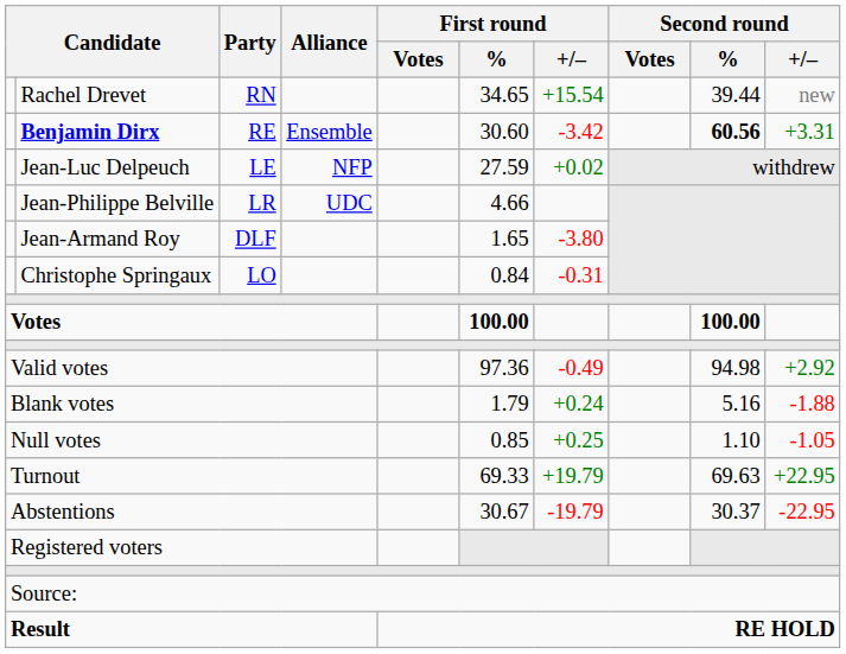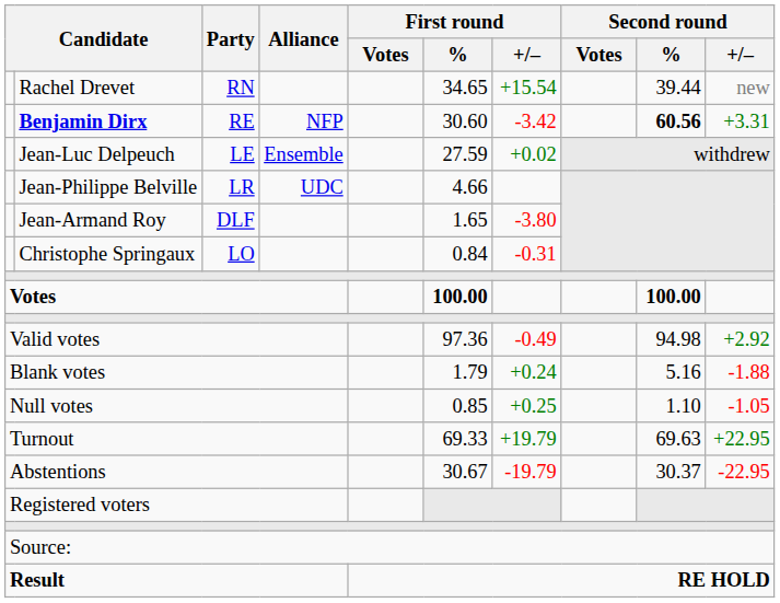 <table class="wikitable" style="text-align:right;font-size:95%;">
 <tr>
 <th rowspan="2" colspan="2">Candidate</th>
 <th colspan="1" rowspan="2">Party</th>
 <th colspan="1" rowspan="2">Alliance</th>
 <th colspan="3">First round</th>
 <th colspan="3">Second round</th>
 </tr>
 <tr>
 <th style="width:50px;">Votes</th>
 <th style="width:45px;">%</th>
 <th style="width:45px;">+/–</th>
 <th style="width:50px;">Votes</th>
 <th style="width:45px;">%</th>
 <th style="width:45px;">+/–</th>
 </tr>
 <tr>
 <td style="background:"></td>
 <td style="text-align:left;">Rachel Drevet</td>
 <td><a href='#'>RN</a></td>
 <td></td>
 <td></td>
 <td>34.65</td>
 <td style="color:green;">+15.54</td>
 <td></td>
 <td>39.44</td>
 <td style="color:grey;">new</td>
 </tr>
 <tr>
 <td style="background:"></td>
 <td style="text-align:left;"><strong><a href='#'>Benjamin Dirx</a></strong></td>
 <td><a href='#'>RE</a></td>
-<td><a href='#'>Ensemble</a></td>
+<td><a href='#'>NFP</a></td>
 <td></td>
 <td>30.60</td>
 <td style="color:red;">-3.42</td>
 <td><strong></strong></td>
 <td><strong>60.56</strong></td>
 <td style="color:green;">+3.31</td>
 </tr>
 <tr>
 <td style="background:"></td>
 <td style="text-align:left;">Jean-Luc Delpeuch</td>
 <td><a href='#'>LE</a></td>
-<td><a href='#'>NFP</a></td>
+<td><a href='#'>Ensemble</a></td>
 <td></td>
 <td>27.59</td>
 <td style="color:green;">+0.02</td>
 <td colspan="3" style="background:#E9E9E9;">withdrew</td>
 </tr>
 <tr>
 <td style="background:"></td>
 <td style="text-align:left;">Jean-Philippe Belville</td>
 <td><a href='#'>LR</a></td>
 <td><a href='#'>UDC</a></td>
 <td></td>
 <td>4.66</td>
 <td style="color:grey;"></td>
 <td colspan="3" rowspan="3" style="background:#E9E9E9;"></td>
 </tr>
 <tr>
 <td style="background:"></td>
 <td style="text-align:left;">Jean-Armand Roy</td>
 <td><a href='#'>DLF</a></td>
 <td></td>
 <td></td>
 <td>1.65</td>
 <td style="color:red;">-3.80</td>
 </tr>
 <tr>
 <td style="background:"></td>
 <td style="text-align:left;">Christophe Springaux</td>
 <td><a href='#'>LO</a></td>
 <td></td>
 <td></td>
 <td>0.84</td>
 <td style="color:red;">-0.31</td>
 </tr>
 <tr>
 <td colspan="10" style="background:#E9E9E9;"></td>
 </tr>
 <tr style="font-weight:bold;">
 <td colspan="4" style="text-align:left;">Votes</td>
 <td></td>
 <td>100.00</td>
 <td></td>
 <td></td>
 <td>100.00</td>
 <td></td>
 </tr>
 <tr>
 <td colspan="10" style="background:#E9E9E9;"></td>
 </tr>
 <tr>
 <td colspan="4" style="text-align:left;">Valid votes</td>
 <td></td>
 <td>97.36</td>
 <td style="color:red;">-0.49</td>
 <td></td>
 <td>94.98</td>
 <td style="color:green;">+2.92</td>
 </tr>
 <tr>
 <td colspan="4" style="text-align:left;">Blank votes</td>
 <td></td>
 <td>1.79</td>
 <td style="color:green;">+0.24</td>
 <td></td>
 <td>5.16</td>
 <td style="color:red;">-1.88</td>
 </tr>
 <tr>
 <td colspan="4" style="text-align:left;">Null votes</td>
 <td></td>
 <td>0.85</td>
 <td style="color:green;">+0.25</td>
 <td></td>
 <td>1.10</td>
 <td style="color:red;">-1.05</td>
 </tr>
 <tr>
 <td colspan="4" style="text-align:left;">Turnout</td>
 <td></td>
 <td>69.33</td>
 <td style="color:green;">+19.79</td>
 <td></td>
 <td>69.63</td>
 <td style="color:green;">+22.95</td>
 </tr>
 <tr>
 <td colspan="4" style="text-align:left;">Abstentions</td>
 <td></td>
 <td>30.67</td>
 <td style="color:red;">-19.79</td>
 <td></td>
 <td>30.37</td>
 <td style="color:red;">-22.95</td>
 </tr>
 <tr>
 <td colspan="4" style="text-align:left;">Registered voters</td>
 <td></td>
 <td colspan="2" style="background:#E9E9E9;"></td>
 <td></td>
 <td colspan="2" style="background:#E9E9E9;"></td>
 </tr>
 <tr>
 <td colspan="10" style="background:#E9E9E9;"></td>
 </tr>
 <tr>
 <td colspan="10" style="text-align:left;">Source: </td>
 </tr>
 <tr style="font-weight:bold">
 <td colspan="4" style="text-align:left;">Result</td>
 <td colspan="6" style="background-color:">RE HOLD</td>
 </tr>
 </table>
